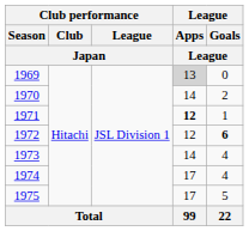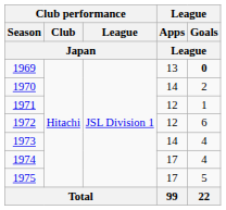 <table class="wikitable" style="text-align:center;">
 <tr>
 <th colspan=3>Club performance</th>
 <th colspan=2>League</th>
 </tr>
 <tr>
 <th>Season</th>
 <th>Club</th>
 <th>League</th>
 <th>Apps</th>
 <th>Goals</th>
 </tr>
 <tr>
 <th colspan=3>Japan</th>
 <th colspan=2>League</th>
 </tr>
 <tr>
 <td><a href='#'>1969</a></td>
 <td rowspan=7><a href='#'>Hitachi</a></td>
 <td rowspan=7><a href='#'>JSL Division 1</a></td>
-<td style="background: lightgrey;">13</td>
-<td>0</td>
+<td>13</td>
+<td><strong>0</strong></td>
 </tr>
 <tr>
 <td><a href='#'>1970</a></td>
 <td>14</td>
 <td>2</td>
 </tr>
 <tr>
 <td><a href='#'>1971</a></td>
-<td><strong>12</strong></td>
+<td>12</td>
 <td>1</td>
 </tr>
 <tr>
 <td><a href='#'>1972</a></td>
 <td>12</td>
-<td><strong>6</strong></td>
+<td>6</td>
 </tr>
 <tr>
 <td><a href='#'>1973</a></td>
 <td>14</td>
 <td>4</td>
 </tr>
 <tr>
 <td><a href='#'>1974</a></td>
 <td>17</td>
 <td>4</td>
 </tr>
 <tr>
 <td><a href='#'>1975</a></td>
 <td>17</td>
 <td>5</td>
 </tr>
 <tr>
 <th colspan=3>Total</th>
 <th>99</th>
 <th>22</th>
 </tr>
 </table>
